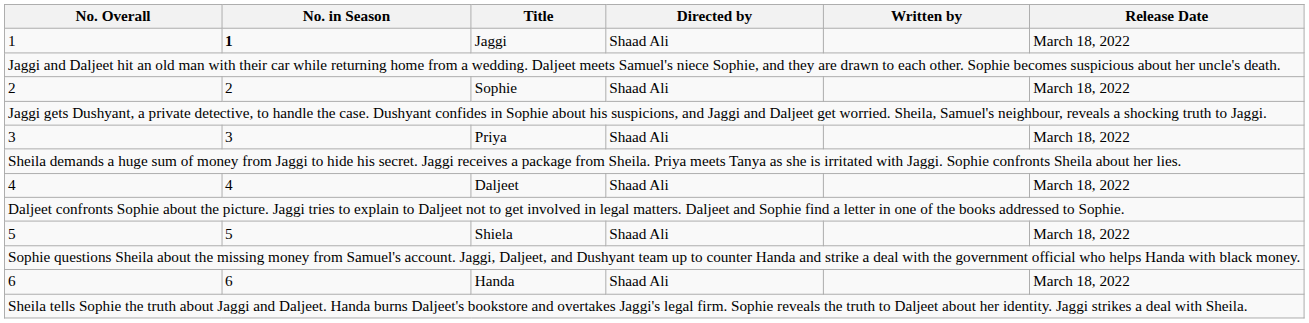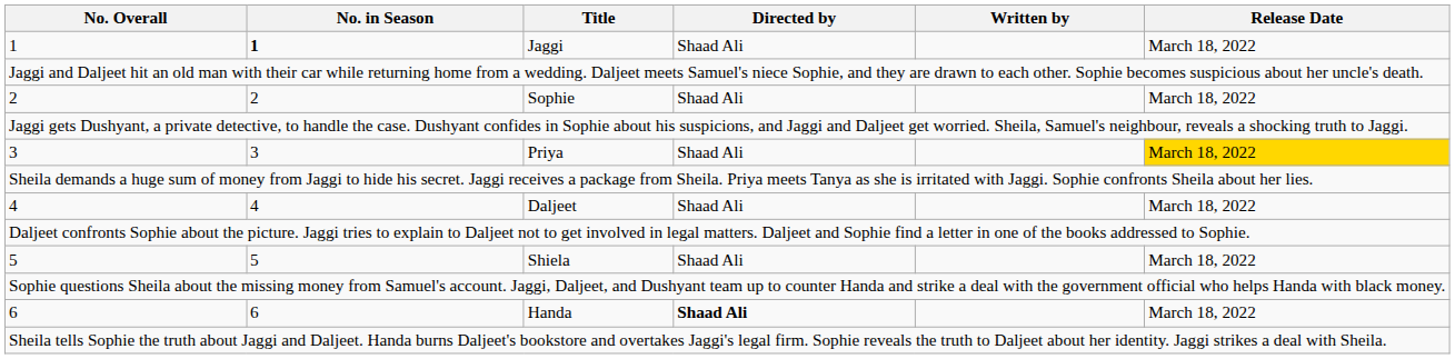 <table class="wikitable">
 <tr>
 <th>No. Overall</th>
 <th>No. in Season</th>
 <th>Title</th>
 <th>Directed by</th>
 <th>Written by</th>
 <th>Release Date</th>
 </tr>
 <tr>
 <td>1</td>
 <td><strong>1</strong></td>
 <td>Jaggi</td>
 <td>Shaad Ali</td>
 <td></td>
 <td>March 18, 2022</td>
 </tr>
 <tr>
 <td colspan="6">Jaggi and Daljeet hit an old man with their car while returning home from a wedding. Daljeet meets Samuel's niece Sophie, and they are drawn to each other. Sophie becomes suspicious about her uncle's death.</td>
 </tr>
 <tr>
 <td>2</td>
 <td>2</td>
 <td>Sophie</td>
 <td>Shaad Ali</td>
 <td></td>
 <td>March 18, 2022</td>
 </tr>
 <tr>
 <td colspan="6">Jaggi gets Dushyant, a private detective, to handle the case. Dushyant confides in Sophie about his suspicions, and Jaggi and Daljeet get worried. Sheila, Samuel's neighbour, reveals a shocking truth to Jaggi.</td>
 </tr>
 <tr>
 <td>3</td>
 <td>3</td>
 <td>Priya</td>
 <td>Shaad Ali</td>
 <td></td>
-<td>March 18, 2022</td>
+<td style="background: gold;">March 18, 2022</td>
 </tr>
 <tr>
 <td colspan="6">Sheila demands a huge sum of money from Jaggi to hide his secret. Jaggi receives a package from Sheila. Priya meets Tanya as she is irritated with Jaggi. Sophie confronts Sheila about her lies.</td>
 </tr>
 <tr>
 <td>4</td>
 <td>4</td>
 <td>Daljeet</td>
 <td>Shaad Ali</td>
 <td></td>
 <td>March 18, 2022</td>
 </tr>
 <tr>
 <td colspan="6">Daljeet confronts Sophie about the picture. Jaggi tries to explain to Daljeet not to get involved in legal matters. Daljeet and Sophie find a letter in one of the books addressed to Sophie.</td>
 </tr>
 <tr>
 <td>5</td>
 <td>5</td>
 <td>Shiela</td>
 <td>Shaad Ali</td>
 <td></td>
 <td>March 18, 2022</td>
 </tr>
 <tr>
 <td colspan="6">Sophie questions Sheila about the missing money from Samuel's account. Jaggi, Daljeet, and Dushyant team up to counter Handa and strike a deal with the government official who helps Handa with black money.</td>
 </tr>
 <tr>
 <td>6</td>
 <td>6</td>
 <td>Handa</td>
-<td>Shaad Ali</td>
+<td><strong>Shaad Ali</strong></td>
 <td></td>
 <td>March 18, 2022</td>
 </tr>
 <tr>
 <td colspan="6">Sheila tells Sophie the truth about Jaggi and Daljeet. Handa burns Daljeet's bookstore and overtakes Jaggi's legal firm. Sophie reveals the truth to Daljeet about her identity. Jaggi strikes a deal with Sheila.</td>
 </tr>
 </table>
